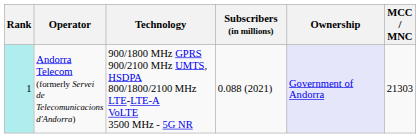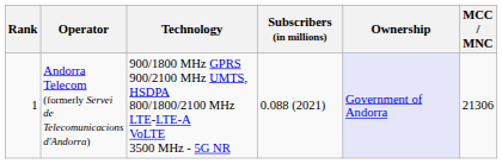 <table class="wikitable" style="width:100%;">
 <tr>
 <th style="width:3%;">Rank</th>
 <th style="width:15%;">Operator</th>
 <th style="width:30%;">Technology</th>
 <th style="width:20%;">Subscribers<br><small>(in millions)</small></th>
 <th style="width:32%;">Ownership</th>
 <th>MCC / MNC</th>
 </tr>
 <tr>
-<td align=right style="background: paleturquoise;">1</td>
+<td align=right>1</td>
 <td><a href='#'>Andorra Telecom</a> <br> <small>(formerly <em>Servei de Telecomunicacions d'Andorra</em>)</small></td>
 <td>900/1800 MHz <a href='#'>GPRS</a> <br>900/2100 MHz <a href='#'>UMTS</a>, <a href='#'>HSDPA</a> <br>800/1800/2100 MHz <a href='#'>LTE</a>-<a href='#'>LTE-A</a><br><a href='#'>VoLTE</a><br>3500 MHz - <a href='#'>5G NR</a></td>
 <td>0.088 (2021)</td>
 <td style="background: lavender;"><a href='#'>Government of Andorra</a></td>
-<td>21303</td>
+<td>21306</td>
 </tr>
 </table>
